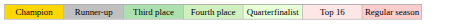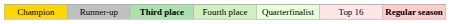 <table class="wikitable" style="font-size:90%; text-align:center;">
 <tr>
 </tr>
 <tr>
 <td style="background:gold;" width=14%>Champion</td>
 <td style="background:silver;" width=14%>Runner-up</td>
-<td style="background:#ACE1AF;" width=14%>Third place</td>
+<td style="background:#ACE1AF;" width=14%><strong>Third place</strong></td>
 <td style="background:#D0F0C0;" width=14%>Fourth place</td>
 <td style="background:#E8FFD8;" width=14%>Quarterfinalist</td>
 <td style="background:#FFE6E6;" width=14%>Top 16</td>
-<td style="background:#fcc;" width=14%>Regular season</td>
+<td style="background:#fcc;" width=14%><strong>Regular season</strong></td>
 </tr>
 </table>
